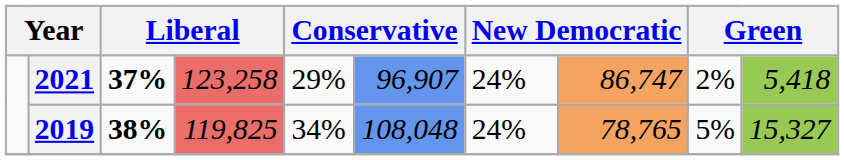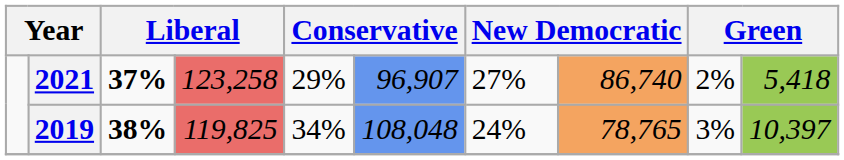 <table class="wikitable" style="float:right; width:400; font-size:90%; margin-left:1em;">
 <tr>
 <th colspan="2" scope="col">Year</th>
 <th colspan="2" scope="col"><a href='#'>Liberal</a></th>
 <th colspan="2" scope="col"><a href='#'>Conservative</a></th>
 <th colspan="2" scope="col"><a href='#'>New Democratic</a></th>
 <th colspan="2" scope="col"><a href='#'>Green</a></th>
 </tr>
 <tr>
 <td rowspan="2" style="width: 0.25em; background-color: "></td>
 <th><a href='#'>2021</a></th>
 <td><strong>37%</strong></td>
 <td style="text-align:right; background:#EA6D6A;"><em>123,258</em></td>
 <td>29%</td>
 <td style="text-align:right; background:#6495ED;"><em>96,907</em></td>
-<td>24%</td>
-<td style="text-align:right; background:#F4A460;"><em>86,747</em></td>
+<td>27%</td>
+<td style="text-align:right; background:#F4A460;"><em>86,740</em></td>
 <td>2%</td>
 <td style="text-align:right; background:#99C955;"><em>5,418</em></td>
 </tr>
 <tr>
 <th><a href='#'>2019</a></th>
 <td><strong>38%</strong></td>
 <td style="text-align:right; background:#EA6D6A;"><em>119,825</em></td>
 <td>34%</td>
 <td style="text-align:right; background:#6495ED;"><em>108,048</em></td>
 <td>24%</td>
 <td style="text-align:right; background:#F4A460;"><em>78,765</em></td>
-<td>5%</td>
-<td style="text-align:right; background:#99C955;"><em>15,327</em></td>
+<td>3%</td>
+<td style="text-align:right; background:#99C955;"><em>10,397</em></td>
 </tr>
 <tr>
 </tr>
 </table>
